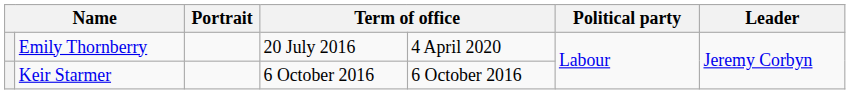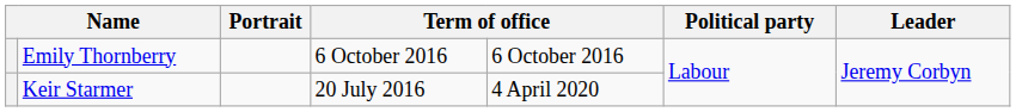 <table class="wikitable" style="width:60%;">
 <tr>
 <th colspan=2>Name</th>
 <th width=60>Portrait</th>
 <th colspan=2>Term of office</th>
 <th>Political party</th>
 <th>Leader</th>
 </tr>
 <tr>
 <th style="background-color: "></th>
 <td><a href='#'>Emily Thornberry</a></td>
 <td></td>
-<td>20 July 2016</td>
-<td>4 April 2020</td>
+<td>6 October 2016</td>
+<td>6 October 2016</td>
 <td rowspan="2" ><a href='#'>Labour</a></td>
 <td rowspan="2" ><a href='#'>Jeremy Corbyn</a></td>
 </tr>
 <tr>
 <th style="background-color: "></th>
 <td><a href='#'>Keir Starmer</a></td>
 <td></td>
-<td>6 October 2016</td>
-<td>6 October 2016</td>
+<td>20 July 2016</td>
+<td>4 April 2020</td>
 </tr>
 </table>
